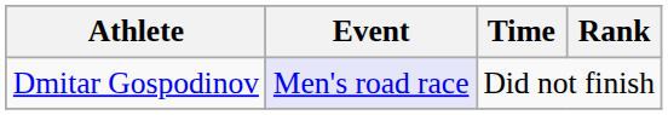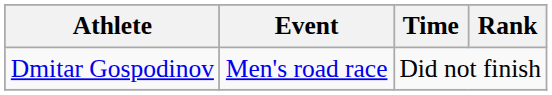 <table class=wikitable style="font-size:90%">
 <tr>
 <th>Athlete</th>
 <th>Event</th>
 <th>Time</th>
 <th>Rank</th>
 </tr>
 <tr align=center>
 <td align=left><a href='#'>Dmitar Gospodinov</a></td>
-<td align=left style="background: lavender;"><a href='#'>Men's road race</a></td>
+<td align=left><a href='#'>Men's road race</a></td>
 <td colspan=2>Did not finish</td>
 </tr>
 </table>
